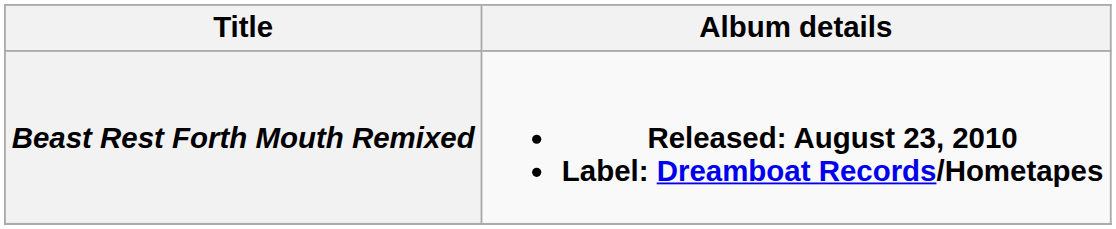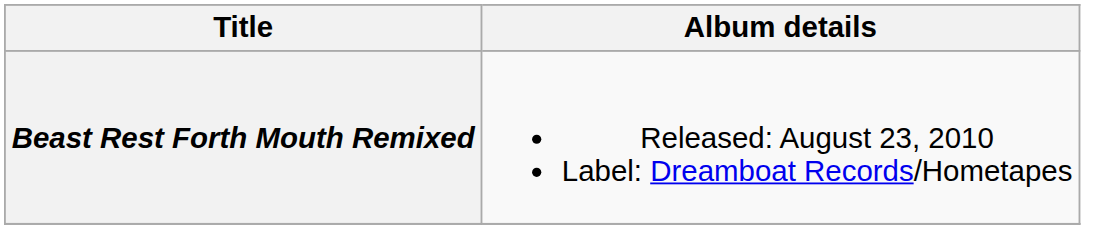 <table class="wikitable plainrowheaders" style="text-align:center;">
 <tr>
 <th scope="col">Title</th>
 <th scope="col">Album details</th>
 </tr>
 <tr>
 <th scope="row"><em>Beast Rest Forth Mouth Remixed</em></th>
-<td><strong><br><ul><li>Released: August 23, 2010</li><li>Label: <a href='#'>Dreamboat Records</a>/Hometapes</li></ul></strong></td>
+<td><br><ul><li>Released: August 23, 2010</li><li>Label: <a href='#'>Dreamboat Records</a>/Hometapes</li></ul></td>
 </tr>
 <tr>
 </tr>
 </table>
